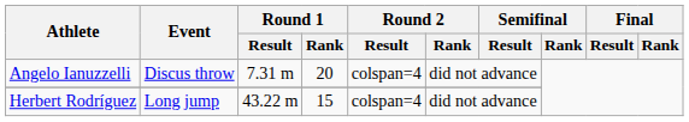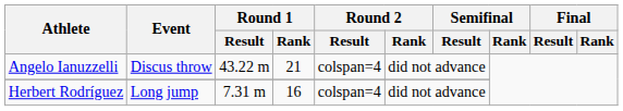 <table class="wikitable" style="font-size:90%; text-align: center">
 <tr>
 <th rowspan="2">Athlete</th>
 <th rowspan="2">Event</th>
 <th colspan="2">Round 1</th>
 <th colspan="2">Round 2</th>
 <th colspan="2">Semifinal</th>
 <th colspan="2">Final</th>
 </tr>
 <tr style="font-size:95%">
 <th>Result</th>
 <th>Rank</th>
 <th>Result</th>
 <th>Rank</th>
 <th>Result</th>
 <th>Rank</th>
 <th>Result</th>
 <th>Rank</th>
 </tr>
 <tr align=center>
 <td align=left><a href='#'>Angelo Ianuzzelli</a></td>
 <td align=left><a href='#'>Discus throw</a></td>
-<td>7.31 m</td>
-<td>20</td>
+<td>43.22 m</td>
+<td>21</td>
 <td>colspan=4 </td>
 <td colspan=2>did not advance</td>
 </tr>
 <tr>
 </tr>
 <tr align=center>
 <td align=left><a href='#'>Herbert Rodríguez</a></td>
 <td align=left><a href='#'>Long jump</a></td>
-<td>43.22 m</td>
-<td>15</td>
+<td>7.31 m</td>
+<td>16</td>
 <td>colspan=4 </td>
 <td colspan=2>did not advance</td>
 </tr>
 </table>
